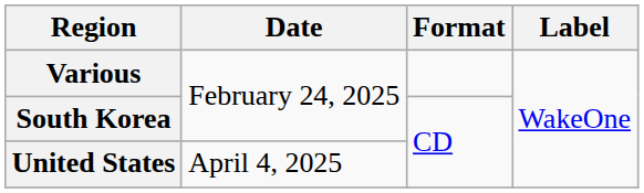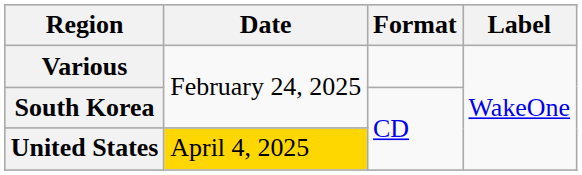 <table class="wikitable plainrowheaders">
 <tr>
 <th scope="col">Region</th>
 <th scope="col">Date</th>
 <th scope="col">Format</th>
 <th scope="col">Label</th>
 </tr>
 <tr>
 <th scope="row">Various</th>
 <td rowspan="2">February 24, 2025</td>
 <td></td>
 <td rowspan="3"><a href='#'>WakeOne</a></td>
 </tr>
 <tr>
 <th scope="row">South Korea</th>
 <td rowspan="2"><a href='#'>CD</a></td>
 </tr>
 <tr>
 <th scope="row">United States</th>
-<td>April 4, 2025</td>
+<td style="background: gold;">April 4, 2025</td>
 </tr>
 </table>
